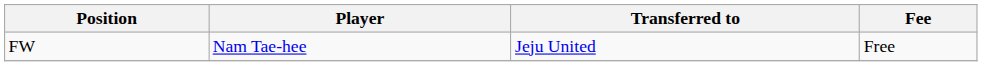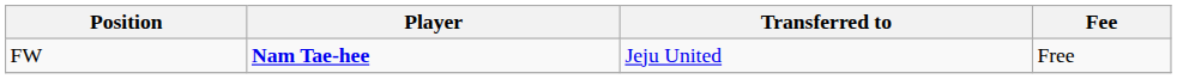 <table class="wikitable sortable" style="width:70%; text-align:center; font-size:100%; text-align:left;">
 <tr>
 <th>Position</th>
 <th>Player</th>
 <th>Transferred to</th>
 <th>Fee</th>
 </tr>
 <tr>
 <td>FW</td>
-<td> <a href='#'>Nam Tae-hee</a></td>
+<td><strong> <a href='#'>Nam Tae-hee</a></strong></td>
 <td> <a href='#'>Jeju United</a></td>
 <td>Free </td>
 </tr>
 <tr>
 </tr>
 </table>
